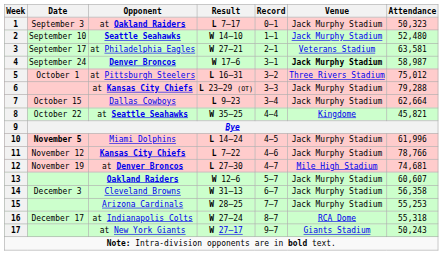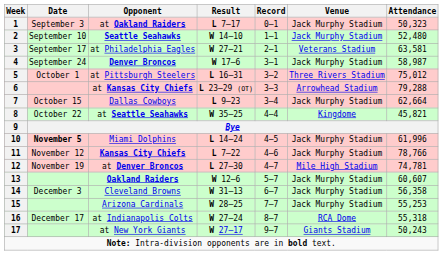 <table class="wikitable" style="text-align:center">
 <tr>
 <th>Week</th>
 <th>Date</th>
 <th>Opponent</th>
 <th>Result</th>
 <th>Record</th>
 <th>Venue</th>
 <th>Attendance</th>
 </tr>
 <tr style="background:#fcc">
 <th>1</th>
 <td>September 3</td>
 <td>at <strong><a href='#'>Oakland Raiders</a></strong></td>
 <td><strong>L</strong> 7–17</td>
 <td>0–1</td>
 <td>Jack Murphy Stadium</td>
 <td>50,323</td>
 </tr>
 <tr style="background:#cfc">
 <th>2</th>
 <td>September 10</td>
 <td><strong><a href='#'>Seattle Seahawks</a></strong></td>
 <td><strong>W</strong> 14–10</td>
 <td>1–1</td>
 <td><a href='#'>Jack Murphy Stadium</a></td>
 <td>52,480</td>
 </tr>
 <tr style="background:#cfc">
 <th>3</th>
 <td>September 17</td>
 <td>at <a href='#'>Philadelphia Eagles</a></td>
 <td><strong>W</strong> 27–21</td>
 <td>2–1</td>
 <td><a href='#'>Veterans Stadium</a></td>
 <td>63,581</td>
 </tr>
 <tr style="background:#cfc">
 <th>4</th>
 <td>September 24</td>
 <td><strong><a href='#'>Denver Broncos</a></strong></td>
 <td><strong>W</strong> 17–6</td>
 <td>3–1</td>
-<td><strong>Jack Murphy Stadium</strong></td>
+<td>Jack Murphy Stadium</td>
 <td>58,987</td>
 </tr>
 <tr style="background:#fcc">
 <th>5</th>
 <td>October 1</td>
 <td>at <a href='#'>Pittsburgh Steelers</a></td>
 <td><strong>L</strong> 16–31</td>
 <td>3–2</td>
 <td><a href='#'>Three Rivers Stadium</a></td>
 <td>75,012</td>
 </tr>
 <tr style="background:#fcc">
 <th>6</th>
 <td></td>
 <td>at <strong><a href='#'>Kansas City Chiefs</a></strong></td>
 <td><strong>L</strong> 23–29 <small>(OT)</small></td>
 <td>3–3</td>
-<td>Jack Murphy Stadium</td>
+<td><a href='#'>Arrowhead Stadium</a></td>
 <td>79,288</td>
 </tr>
 <tr style="background:#fcc">
 <th>7</th>
 <td>October 15</td>
 <td><a href='#'>Dallas Cowboys</a></td>
 <td><strong>L</strong> 9–23</td>
 <td>3–4</td>
 <td>Jack Murphy Stadium</td>
 <td>62,664</td>
 </tr>
 <tr style="background:#cfc">
 <th>8</th>
 <td>October 22</td>
 <td>at <strong><a href='#'>Seattle Seahawks</a></strong></td>
 <td><strong>W</strong> 35–25</td>
 <td>4–4</td>
 <td><a href='#'>Kingdome</a></td>
 <td>45,821</td>
 </tr>
 <tr align="center">
 <th>9</th>
 <th colspan="6"><em><a href='#'>Bye</a></em></th>
 </tr>
 <tr style="background:#fcc">
 <th>10</th>
 <td><strong>November 5</strong></td>
 <td><a href='#'>Miami Dolphins</a></td>
 <td><strong>L</strong> 14–24</td>
 <td>4–5</td>
 <td>Jack Murphy Stadium</td>
 <td>61,996</td>
 </tr>
 <tr style="background:#fcc">
 <th>11</th>
 <td>November 12</td>
 <td><strong><a href='#'>Kansas City Chiefs</a></strong></td>
 <td><strong>L</strong> 7–22</td>
 <td>4–6</td>
 <td>Jack Murphy Stadium</td>
 <td>78,766</td>
 </tr>
 <tr style="background:#fcc">
 <th>12</th>
 <td>November 19</td>
 <td>at <strong><a href='#'>Denver Broncos</a></strong></td>
 <td><strong>L</strong> 27–30</td>
 <td>4–7</td>
 <td><a href='#'>Mile High Stadium</a></td>
-<td>74,681</td>
+<td>74,781</td>
 </tr>
 <tr style="background:#cfc">
 <th>13</th>
 <td></td>
 <td><strong><a href='#'>Oakland Raiders</a></strong></td>
 <td><strong>W</strong> 12–6</td>
 <td>5–7</td>
 <td>Jack Murphy Stadium</td>
 <td>60,607</td>
 </tr>
 <tr style="background:#cfc">
 <th>14</th>
 <td>December 3</td>
 <td><a href='#'>Cleveland Browns</a></td>
 <td><strong>W</strong> 31–13</td>
 <td>6–7</td>
 <td>Jack Murphy Stadium</td>
 <td>56,358</td>
 </tr>
 <tr style="background:#cfc">
 <th>15</th>
 <td></td>
 <td><a href='#'>Arizona Cardinals</a></td>
 <td><strong>W</strong> 28–25</td>
 <td>7–7</td>
 <td>Jack Murphy Stadium</td>
 <td>55,253</td>
 </tr>
 <tr style="background:#cfc">
 <th>16</th>
 <td>December 17</td>
 <td>at <a href='#'>Indianapolis Colts</a></td>
 <td><strong>W</strong> 27–24</td>
 <td>8–7</td>
 <td><a href='#'>RCA Dome</a></td>
 <td>55,318</td>
 </tr>
 <tr style="background:#cfc">
 <th>17</th>
 <td></td>
 <td>at <a href='#'>New York Giants</a></td>
 <td><strong>W</strong> <a href='#'>27–17</a></td>
 <td>9–7</td>
 <td><a href='#'>Giants Stadium</a></td>
 <td>50,243</td>
 </tr>
 <tr>
 <td colspan="7"><strong>Note:</strong> Intra-division opponents are in <strong>bold</strong> text.</td>
 </tr>
 </table>
